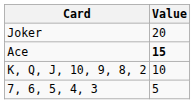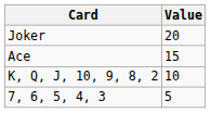 <table class="wikitable">
 <tr>
 <th>Card</th>
 <th>Value</th>
 </tr>
 <tr>
 <td>Joker</td>
 <td>20</td>
 </tr>
 <tr>
 <td>Ace</td>
-<td><strong>15</strong></td>
+<td>15</td>
 </tr>
 <tr>
 <td>K, Q, J, 10, 9, 8, 2</td>
 <td>10</td>
 </tr>
 <tr>
 <td>7, 6, 5, 4, 3</td>
 <td>5</td>
 </tr>
 </table>
